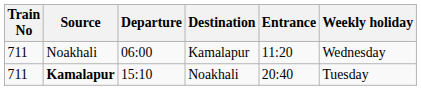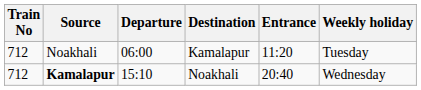 <table class="wikitable">
 <tr>
 <th>Train<br>No</th>
 <th>Source</th>
 <th>Departure</th>
 <th>Destination</th>
 <th>Entrance</th>
 <th>Weekly holiday</th>
 </tr>
 <tr>
-<td>711</td>
+<td>712</td>
 <td>Noakhali</td>
 <td>06:00</td>
 <td>Kamalapur</td>
 <td>11:20</td>
-<td>Wednesday</td>
+<td>Tuesday</td>
 </tr>
 <tr>
-<td>711</td>
+<td>712</td>
 <td><strong>Kamalapur</strong></td>
 <td>15:10</td>
 <td>Noakhali</td>
 <td>20:40</td>
-<td>Tuesday</td>
+<td>Wednesday</td>
 </tr>
 </table>
